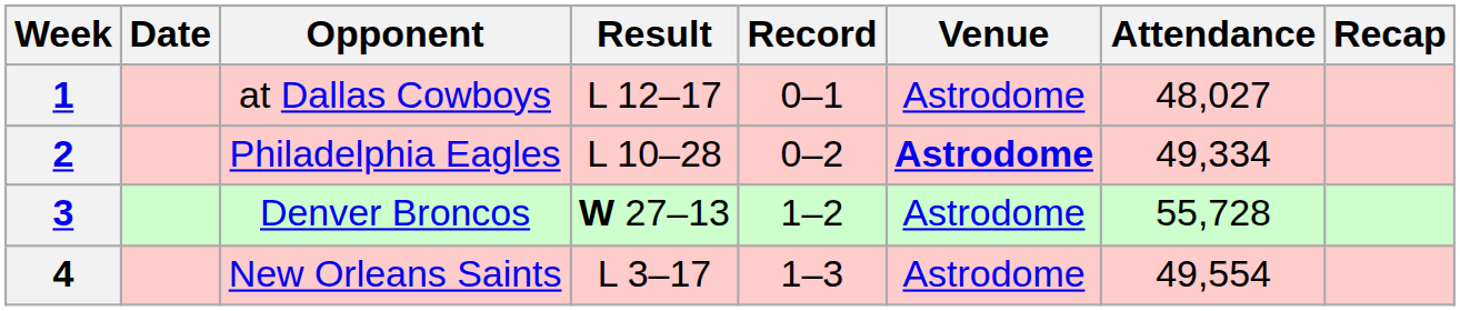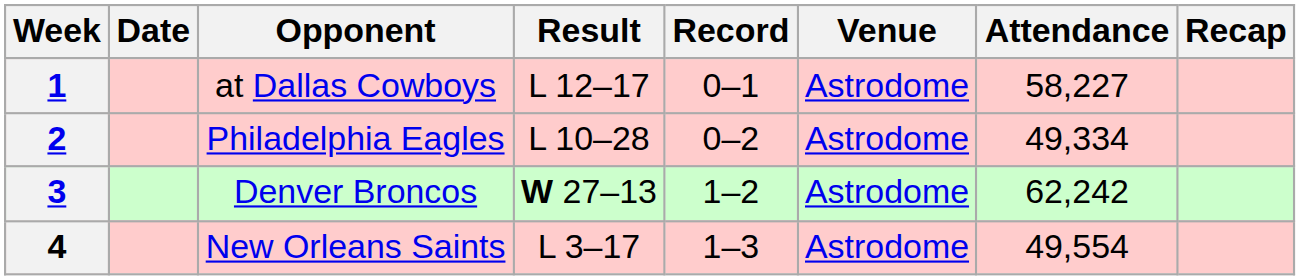 <table class="wikitable" style="text-align:center">
 <tr>
 <th>Week</th>
 <th>Date</th>
 <th>Opponent</th>
 <th>Result</th>
 <th>Record</th>
 <th>Venue</th>
 <th>Attendance</th>
 <th>Recap</th>
 </tr>
 <tr style="background:#fcc">
 <th><a href='#'>1</a></th>
 <td></td>
 <td>at <a href='#'>Dallas Cowboys</a></td>
 <td>L 12–17</td>
 <td>0–1</td>
 <td><a href='#'>Astrodome</a></td>
-<td>48,027</td>
+<td>58,227</td>
 <td></td>
 </tr>
 <tr style="background:#fcc">
 <th><a href='#'>2</a></th>
 <td></td>
 <td><a href='#'>Philadelphia Eagles</a></td>
 <td>L 10–28</td>
 <td>0–2</td>
-<td><strong><a href='#'>Astrodome</a></strong></td>
+<td><a href='#'>Astrodome</a></td>
 <td>49,334</td>
 <td></td>
 </tr>
 <tr style="background:#cfc">
 <th><a href='#'>3</a></th>
 <td></td>
 <td><a href='#'>Denver Broncos</a></td>
 <td><strong>W</strong> 27–13</td>
 <td>1–2</td>
 <td><a href='#'>Astrodome</a></td>
-<td>55,728</td>
+<td>62,242</td>
 <td></td>
 </tr>
 <tr style="background:#fcc">
 <th>4</th>
 <td></td>
 <td><a href='#'>New Orleans Saints</a></td>
 <td>L 3–17</td>
 <td>1–3</td>
 <td><a href='#'>Astrodome</a></td>
 <td>49,554</td>
 <td></td>
 </tr>
 </table>
